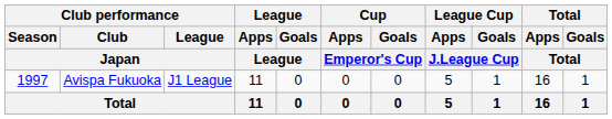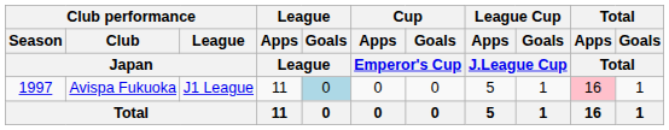 <table class="wikitable" style="text-align:center;">
 <tr>
 <th colspan=3>Club performance</th>
 <th colspan=2>League</th>
 <th colspan=2>Cup</th>
 <th colspan=2>League Cup</th>
 <th colspan=2>Total</th>
 </tr>
 <tr>
 <th>Season</th>
 <th>Club</th>
 <th>League</th>
 <th>Apps</th>
 <th>Goals</th>
 <th>Apps</th>
 <th>Goals</th>
 <th>Apps</th>
 <th>Goals</th>
 <th>Apps</th>
 <th>Goals</th>
 </tr>
 <tr>
 <th colspan=3>Japan</th>
 <th colspan=2>League</th>
 <th colspan=2><a href='#'>Emperor's Cup</a></th>
 <th colspan=2><a href='#'>J.League Cup</a></th>
 <th colspan=2>Total</th>
 </tr>
 <tr>
 <td><a href='#'>1997</a></td>
 <td><a href='#'>Avispa Fukuoka</a></td>
 <td><a href='#'>J1 League</a></td>
 <td>11</td>
-<td>0</td>
+<td style="background: lightblue;">0</td>
 <td>0</td>
 <td>0</td>
 <td>5</td>
 <td>1</td>
-<td>16</td>
+<td style="background: pink;">16</td>
 <td>1</td>
 </tr>
 <tr>
 <th colspan=3>Total</th>
 <th>11</th>
 <th>0</th>
 <th>0</th>
 <th>0</th>
 <th>5</th>
 <th>1</th>
 <th>16</th>
 <th>1</th>
 </tr>
 </table>
